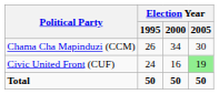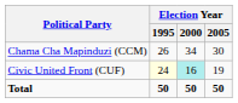 <table class="wikitable" style="font-size: 95%;">
 <tr>
 <th scope="col" rowspan="2"><a href='#'>Political Party</a></th>
 <th scope="col" colspan="8"><a href='#'>Election</a> Year</th>
 </tr>
 <tr>
 <th scope="col">1995</th>
 <th scope="col">2000</th>
 <th scope="col">2005</th>
 </tr>
 <tr>
 <td align="left"><a href='#'>Chama Cha Mapinduzi</a> (CCM)</td>
 <td align="center">26</td>
 <td align="center">34</td>
 <td align="center">30</td>
 </tr>
 <tr>
 <td align="left"><a href='#'>Civic United Front</a> (CUF)</td>
-<td align="center">24</td>
-<td align="center">16</td>
-<td align="center" style="background: lightgreen;">19</td>
+<td align="center" style="background: lightyellow;">24</td>
+<td align="center" style="background: paleturquoise;">16</td>
+<td align="center">19</td>
 </tr>
 <tr>
 <td align="left"><strong>Total</strong></td>
 <td align="center"><strong>50</strong></td>
 <td align="center"><strong>50</strong></td>
 <td align="center"><strong>50</strong></td>
 </tr>
 </table>
